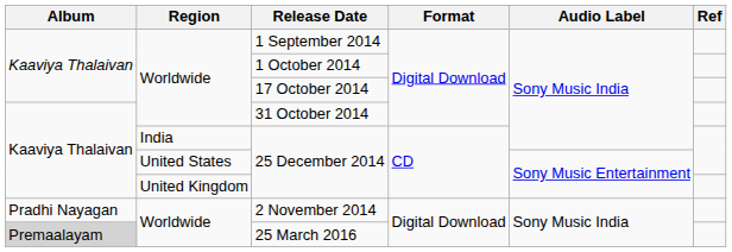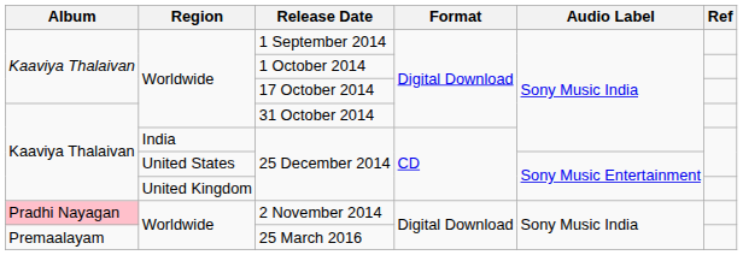 <table class="wikitable plainrowheaders">
 <tr>
 <th>Album</th>
 <th>Region</th>
 <th>Release Date</th>
 <th>Format</th>
 <th>Audio Label</th>
 <th>Ref</th>
 </tr>
 <tr>
 <td rowspan="3"><em>Kaaviya Thalaivan</em>  </td>
 <td rowspan="4">Worldwide</td>
 <td>1 September 2014</td>
 <td rowspan="4"><a href='#'>Digital Download</a></td>
 <td rowspan="5"><a href='#'>Sony Music India</a></td>
 <td></td>
 </tr>
 <tr>
 <td>1 October 2014</td>
 <td></td>
 </tr>
 <tr>
 <td>17 October 2014</td>
 <td></td>
 </tr>
 <tr>
 <td rowspan="4">Kaaviya Thalaivan </td>
 <td>31 October 2014</td>
 <td></td>
 </tr>
 <tr>
 <td>India</td>
 <td rowspan="3">25 December 2014</td>
 <td rowspan="3"><a href='#'>CD</a></td>
 <td rowspan="2"></td>
 </tr>
 <tr>
 <td>United States</td>
 <td rowspan="2"><a href='#'>Sony Music Entertainment</a></td>
 </tr>
 <tr>
 <td>United Kingdom</td>
 <td></td>
 </tr>
 <tr>
-<td>Pradhi Nayagan </td>
+<td style="background: pink;">Pradhi Nayagan </td>
 <td rowspan="2">Worldwide</td>
 <td>2 November 2014</td>
 <td rowspan="2">Digital Download</td>
 <td rowspan="2">Sony Music India</td>
 <td></td>
 </tr>
 <tr>
-<td style="background: lightgrey;">Premaalayam<br></td>
+<td>Premaalayam<br></td>
 <td>25 March 2016</td>
 <td></td>
 </tr>
 </table>
